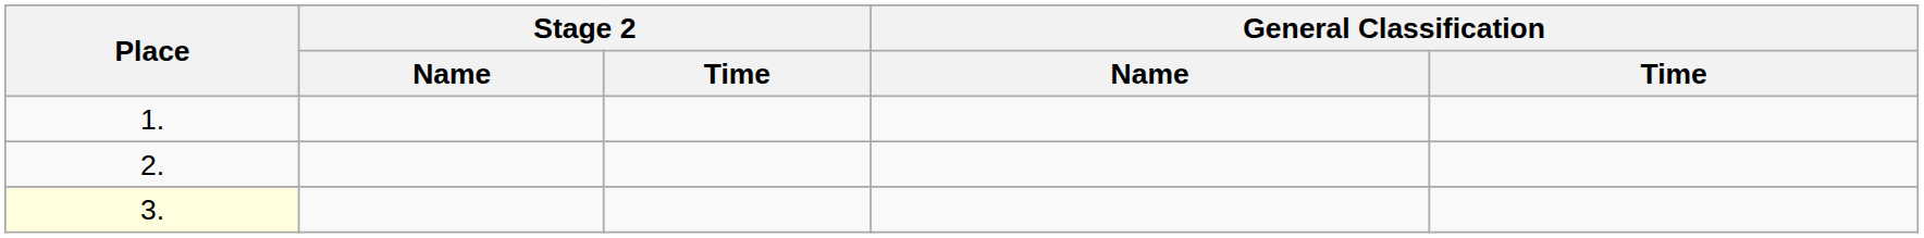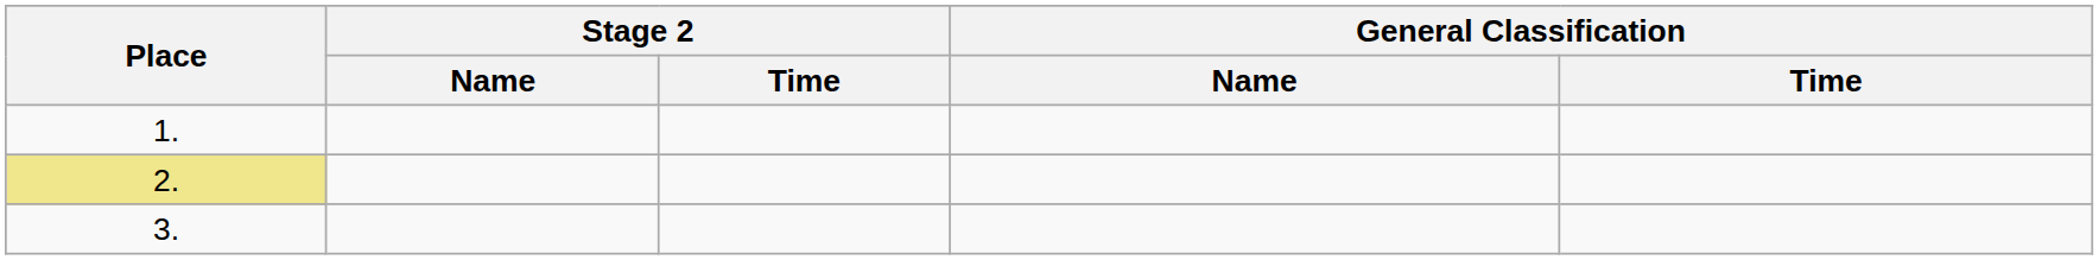 <table class=wikitable style="font-size:95%" width="80%">
 <tr>
 <th rowspan="2">Place</th>
 <th colspan="2">Stage 2</th>
 <th colspan="2">General Classification</th>
 </tr>
 <tr>
 <th>Name</th>
 <th>Time</th>
 <th>Name</th>
 <th>Time</th>
 </tr>
 <tr>
 <td align="center">1.</td>
 <td></td>
 <td></td>
 <td></td>
 <td></td>
 </tr>
 <tr>
-<td align="center">2.</td>
+<td align="center" style="background: khaki;">2.</td>
 <td></td>
 <td></td>
 <td></td>
 <td></td>
 </tr>
 <tr>
-<td align="center" style="background: lightyellow;">3.</td>
+<td align="center">3.</td>
 <td></td>
 <td></td>
 <td></td>
 <td></td>
 </tr>
 </table>
